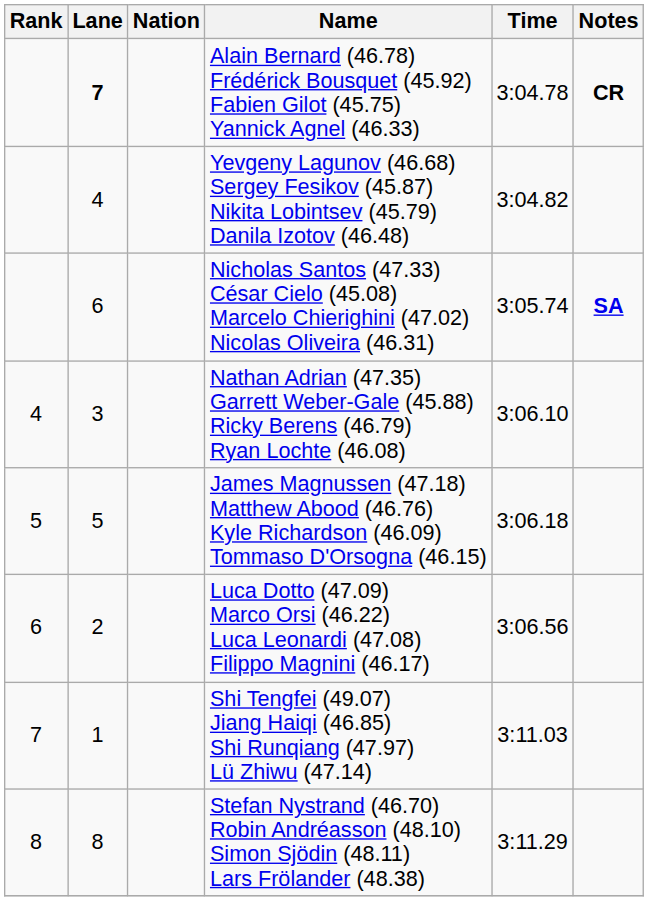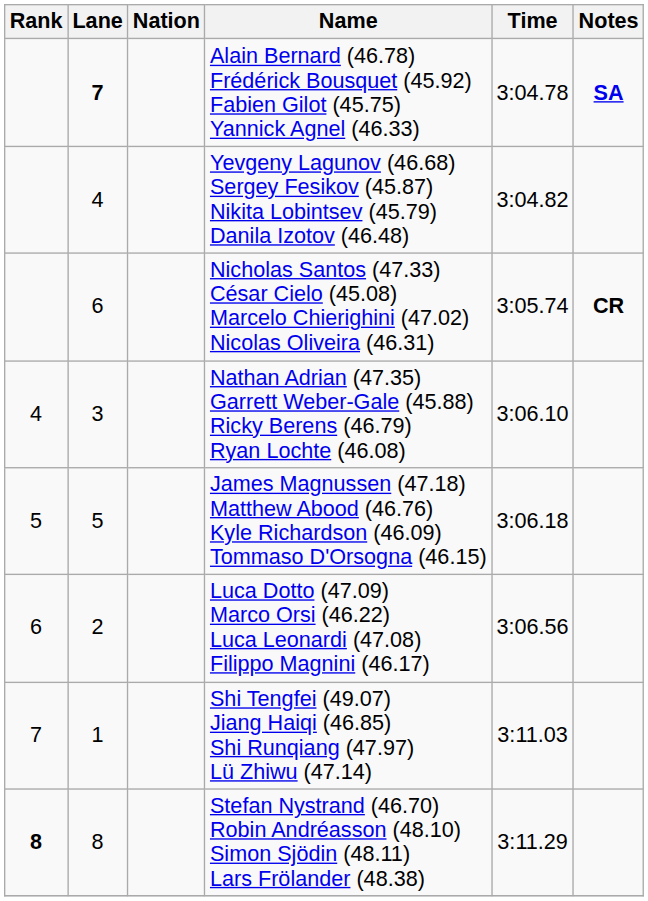 <table class="wikitable sortable" style="text-align:center">
 <tr>
 <th>Rank</th>
 <th>Lane</th>
 <th>Nation</th>
 <th>Name</th>
 <th>Time</th>
 <th>Notes</th>
 </tr>
 <tr>
 <td></td>
 <td><strong>7</strong></td>
 <td align=left></td>
 <td align=left><a href='#'>Alain Bernard</a> (46.78)<br><a href='#'>Frédérick Bousquet</a> (45.92)<br><a href='#'>Fabien Gilot</a> (45.75)<br><a href='#'>Yannick Agnel</a> (46.33)</td>
 <td>3:04.78</td>
-<td><strong>CR</strong></td>
+<td><strong><a href='#'>SA</a></strong></td>
 </tr>
 <tr>
 <td></td>
 <td>4</td>
 <td align=left></td>
 <td align=left><a href='#'>Yevgeny Lagunov</a> (46.68)<br><a href='#'>Sergey Fesikov</a> (45.87)<br><a href='#'>Nikita Lobintsev</a> (45.79)<br><a href='#'>Danila Izotov</a> (46.48)</td>
 <td>3:04.82</td>
 <td></td>
 </tr>
 <tr>
 <td></td>
 <td>6</td>
 <td align=left></td>
 <td align=left><a href='#'>Nicholas Santos</a> (47.33)<br><a href='#'>César Cielo</a> (45.08)<br><a href='#'>Marcelo Chierighini</a> (47.02)<br><a href='#'>Nicolas Oliveira</a> (46.31)</td>
 <td>3:05.74</td>
-<td><strong><a href='#'>SA</a></strong></td>
+<td><strong>CR</strong></td>
 </tr>
 <tr>
 <td>4</td>
 <td>3</td>
 <td align=left></td>
 <td align=left><a href='#'>Nathan Adrian</a> (47.35)<br><a href='#'>Garrett Weber-Gale</a> (45.88)<br><a href='#'>Ricky Berens</a> (46.79)<br><a href='#'>Ryan Lochte</a> (46.08)</td>
 <td>3:06.10</td>
 <td></td>
 </tr>
 <tr>
 <td>5</td>
 <td>5</td>
 <td align=left></td>
 <td align=left><a href='#'>James Magnussen</a> (47.18)<br><a href='#'>Matthew Abood</a> (46.76)<br><a href='#'>Kyle Richardson</a> (46.09)<br><a href='#'>Tommaso D'Orsogna</a> (46.15)</td>
 <td>3:06.18</td>
 <td></td>
 </tr>
 <tr>
 <td>6</td>
 <td>2</td>
 <td align=left></td>
 <td align=left><a href='#'>Luca Dotto</a> (47.09)<br><a href='#'>Marco Orsi</a> (46.22)<br><a href='#'>Luca Leonardi</a> (47.08)<br><a href='#'>Filippo Magnini</a> (46.17)</td>
 <td>3:06.56</td>
 <td></td>
 </tr>
 <tr>
 <td>7</td>
 <td>1</td>
 <td align=left></td>
 <td align=left><a href='#'>Shi Tengfei</a> (49.07)<br><a href='#'>Jiang Haiqi</a> (46.85)<br><a href='#'>Shi Runqiang</a> (47.97)<br><a href='#'>Lü Zhiwu</a> (47.14)</td>
 <td>3:11.03</td>
 <td></td>
 </tr>
 <tr>
-<td>8</td>
+<td><strong>8</strong></td>
 <td>8</td>
 <td align=left></td>
 <td align=left><a href='#'>Stefan Nystrand</a> (46.70)<br><a href='#'>Robin Andréasson</a> (48.10)<br><a href='#'>Simon Sjödin</a> (48.11)<br><a href='#'>Lars Frölander</a> (48.38)</td>
 <td>3:11.29</td>
 <td></td>
 </tr>
 <tr>
 </tr>
 </table>
